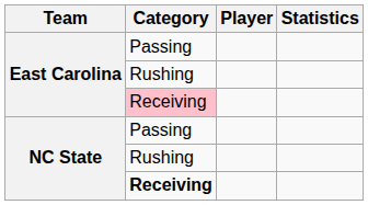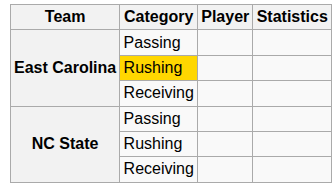 <table class="wikitable" style="float:right">
 <tr>
 <th>Team</th>
 <th>Category</th>
 <th>Player</th>
 <th>Statistics</th>
 </tr>
 <tr>
 <th rowspan=3>East Carolina</th>
 <td>Passing</td>
 <td></td>
 <td></td>
 </tr>
 <tr>
-<td>Rushing</td>
+<td style="background: gold;">Rushing</td>
 <td></td>
 <td></td>
 </tr>
 <tr>
-<td style="background: pink;">Receiving</td>
+<td>Receiving</td>
 <td></td>
 <td></td>
 </tr>
 <tr>
 <th rowspan=3>NC State</th>
 <td>Passing</td>
 <td></td>
 <td></td>
 </tr>
 <tr>
 <td>Rushing</td>
 <td></td>
 <td></td>
 </tr>
 <tr>
-<td><strong>Receiving</strong></td>
+<td>Receiving</td>
 <td></td>
 <td></td>
 </tr>
 </table>
